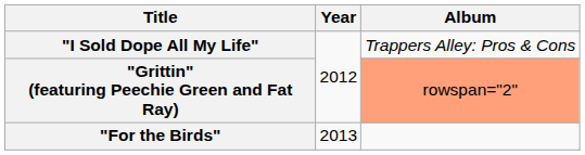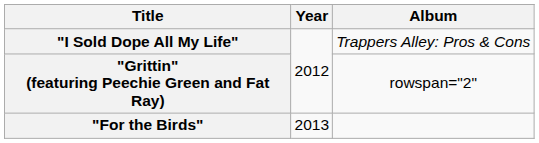 <table class="wikitable plainrowheaders" style="text-align:center;">
 <tr>
 <th scope="col" style="width:18em;">Title</th>
 <th scope="col">Year</th>
 <th scope="col">Album</th>
 </tr>
 <tr>
 <th scope="row">"I Sold Dope All My Life"</th>
 <td rowspan="2">2012</td>
 <td><em>Trappers Alley: Pros & Cons</em></td>
 </tr>
 <tr>
 <th scope="row">"Grittin"<br><span>(featuring Peechie Green and Fat Ray)</span></th>
-<td style="background: lightsalmon;">rowspan="2" </td>
+<td>rowspan="2" </td>
 </tr>
 <tr>
 <th scope="row">"For the Birds"</th>
 <td>2013</td>
 </tr>
 </table>
